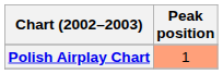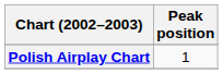 <table class="wikitable sortable plainrowheaders">
 <tr>
 <th scope="col">Chart (2002–2003)</th>
 <th scope="col">Peak<br>position</th>
 </tr>
 <tr>
 </tr>
 <tr>
 </tr>
 <tr>
 </tr>
 <tr>
 </tr>
 <tr>
 </tr>
 <tr>
 </tr>
 <tr>
 </tr>
 <tr>
 </tr>
 <tr>
 <th scope="row"><a href='#'>Polish Airplay Chart</a></th>
-<td align="center" style="background: lightsalmon;">1</td>
+<td align="center">1</td>
 </tr>
 <tr>
 </tr>
 <tr>
 </tr>
 <tr>
 </tr>
 <tr>
 </tr>
 <tr>
 </tr>
 <tr>
 </tr>
 </table>
